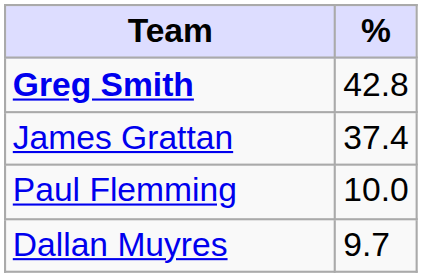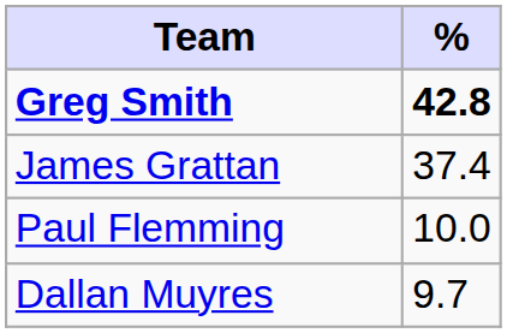 <table class="wikitable">
 <tr>
 <th style="background:#ddf; width:150px;">Team</th>
 <th style="background:#ddf; width:30px;">%</th>
 </tr>
 <tr>
 <td><strong> <a href='#'>Greg Smith</a></strong></td>
-<td>42.8</td>
+<td><strong>42.8</strong></td>
 </tr>
 <tr>
 <td> <a href='#'>James Grattan</a></td>
 <td>37.4</td>
 </tr>
 <tr>
 <td> <a href='#'>Paul Flemming</a></td>
 <td>10.0</td>
 </tr>
 <tr>
 <td> <a href='#'>Dallan Muyres</a></td>
 <td>9.7</td>
 </tr>
 </table>
